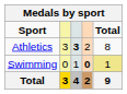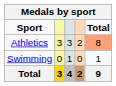 <table class="wikitable" style="font-size:85%; float:right">
 <tr style="background:#efefef;">
 <th colspan=7><strong>Medals by sport</strong></th>
 </tr>
 <tr align=center>
 <td><strong>Sport</strong></td>
 <td style="background:#f7f6a8;"></td>
 <td style="background:#dce5e5;"></td>
 <td style="background:#ffdab9;"></td>
 <td><strong>Total</strong></td>
 </tr>
 <tr align=center>
 <td><a href='#'>Athletics</a></td>
 <td style="background:#f7f6a8;">3</td>
-<td style="background:#dce5e5;"><strong>3</strong></td>
+<td style="background:#dce5e5;">3</td>
 <td style="background:#ffdab9;">2</td>
-<td>8</td>
+<td style="background: lightsalmon;">8</td>
 </tr>
 <tr align=center>
 <td><a href='#'>Swimming</a></td>
 <td style="background:#f7f6a8;">0</td>
 <td style="background:#dce5e5;">1</td>
-<td style="background:#ffdab9;"><strong>0</strong></td>
-<td style="background: khaki;">1</td>
+<td style="background:#ffdab9;">0</td>
+<td>1</td>
 </tr>
 <tr align=center>
 <th><strong>Total</strong></th>
 <th style="background:gold;"><strong>3</strong></th>
 <th style="background:silver;"><strong>4</strong></th>
 <th style="background:#c96;"><strong>2</strong></th>
 <th><strong>9</strong></th>
 </tr>
 </table>
